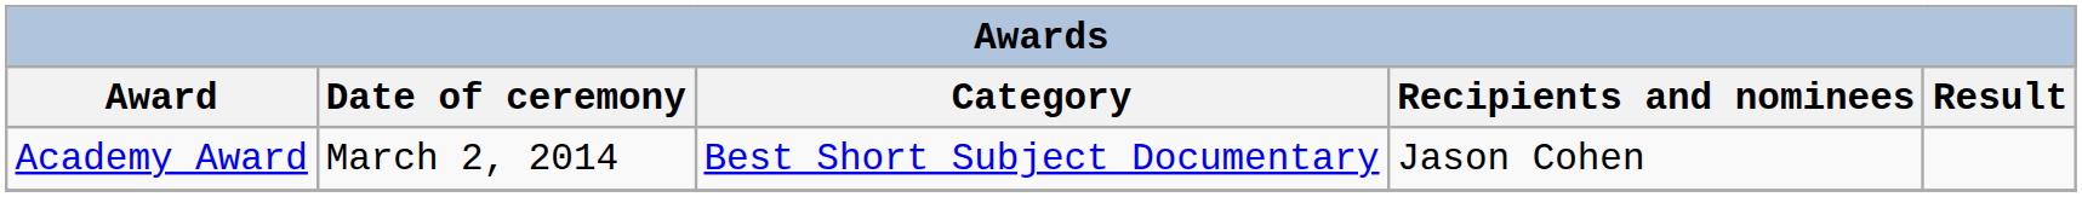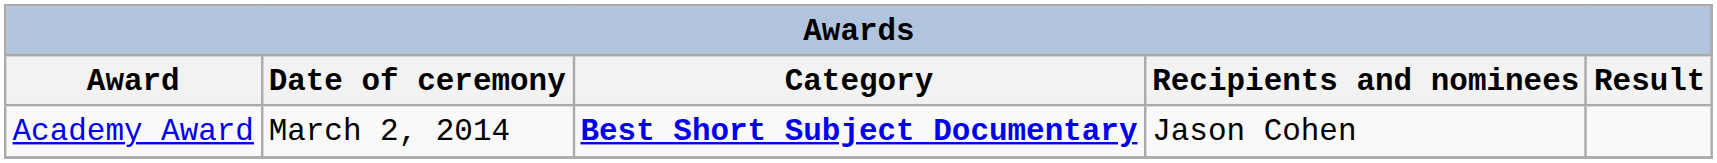 <table class="wikitable">
 <tr>
 <th colspan="5" style="background: LightSteelBlue;">Awards</th>
 </tr>
 <tr>
 <th>Award</th>
 <th>Date of ceremony</th>
 <th>Category</th>
 <th>Recipients and nominees</th>
 <th>Result</th>
 </tr>
 <tr>
 <td><a href='#'>Academy Award</a></td>
 <td>March 2, 2014</td>
-<td><a href='#'>Best Short Subject Documentary</a></td>
+<td><strong><a href='#'>Best Short Subject Documentary</a></strong></td>
 <td>Jason Cohen</td>
 <td></td>
 </tr>
 <tr>
 </tr>
 </table>
